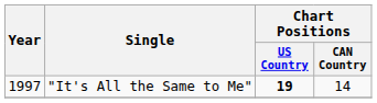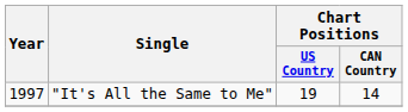 <table class="wikitable" style="text-align:center;">
 <tr>
 <th rowspan="2">Year</th>
 <th rowspan="2">Single</th>
 <th colspan="2">Chart Positions</th>
 </tr>
 <tr style="font-size:smaller;">
 <th width="50"><a href='#'>US Country</a></th>
 <th width="50">CAN Country</th>
 </tr>
 <tr>
 <td>1997</td>
 <td align="left">"It's All the Same to Me"</td>
-<td><strong>19</strong></td>
+<td>19</td>
 <td>14</td>
 </tr>
 <tr>
 </tr>
 </table>
